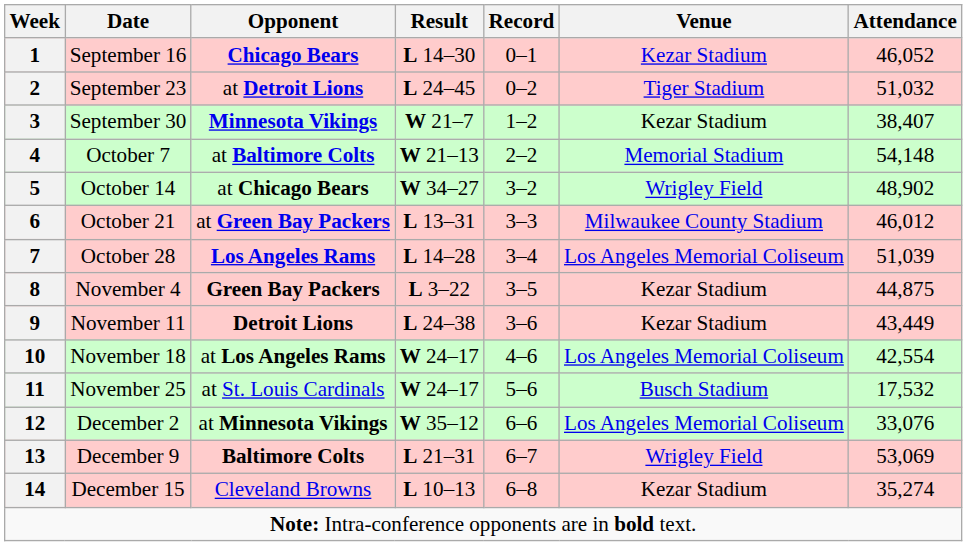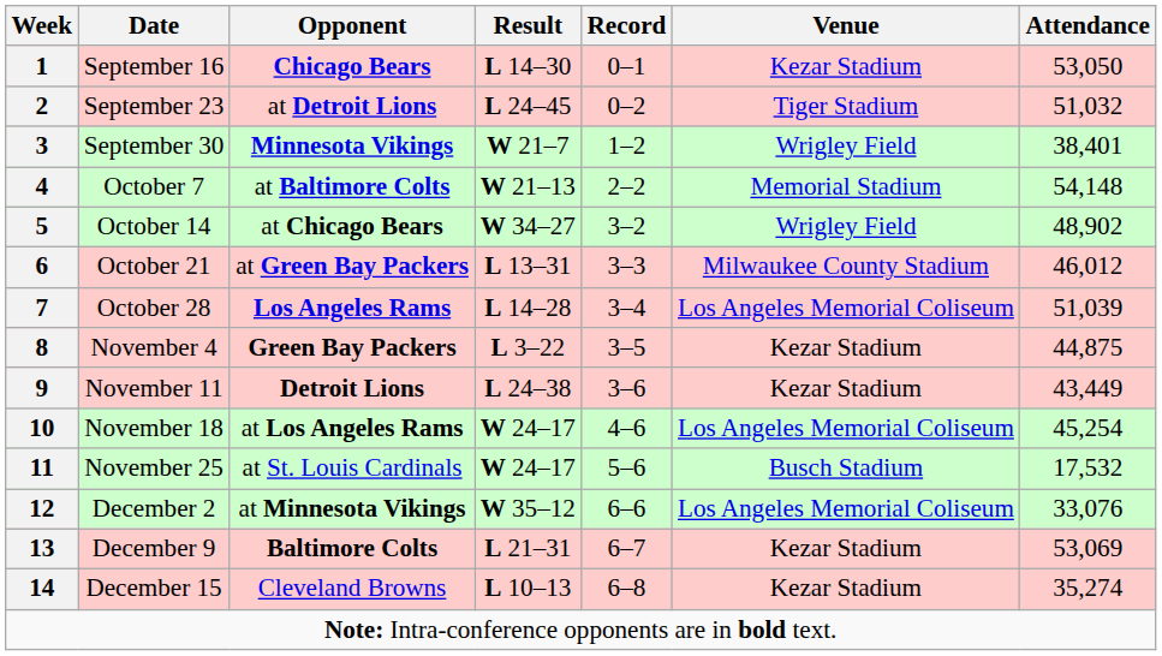 <table class="wikitable" style="text-align:center">
 <tr>
 <th>Week</th>
 <th>Date</th>
 <th>Opponent</th>
 <th>Result</th>
 <th>Record</th>
 <th>Venue</th>
 <th>Attendance</th>
 </tr>
 <tr style="background:#fcc">
 <th>1</th>
 <td>September 16</td>
 <td><strong><a href='#'>Chicago Bears</a></strong></td>
 <td><strong>L</strong> 14–30</td>
 <td>0–1</td>
 <td><a href='#'>Kezar Stadium</a></td>
-<td>46,052</td>
+<td>53,050</td>
 </tr>
 <tr style="background:#fcc">
 <th>2</th>
 <td>September 23</td>
 <td>at <strong><a href='#'>Detroit Lions</a></strong></td>
 <td><strong>L</strong> 24–45</td>
 <td>0–2</td>
 <td><a href='#'>Tiger Stadium</a></td>
 <td>51,032</td>
 </tr>
 <tr style="background:#cfc">
 <th>3</th>
 <td>September 30</td>
 <td><strong><a href='#'>Minnesota Vikings</a></strong></td>
 <td><strong>W</strong> 21–7</td>
 <td>1–2</td>
-<td>Kezar Stadium</td>
-<td>38,407</td>
+<td><a href='#'>Wrigley Field</a></td>
+<td>38,401</td>
 </tr>
 <tr style="background:#cfc">
 <th>4</th>
 <td>October 7</td>
 <td>at <strong><a href='#'>Baltimore Colts</a></strong></td>
 <td><strong>W</strong> 21–13</td>
 <td>2–2</td>
 <td><a href='#'>Memorial Stadium</a></td>
 <td>54,148</td>
 </tr>
 <tr style="background:#cfc">
 <th>5</th>
 <td>October 14</td>
 <td>at <strong>Chicago Bears</strong></td>
 <td><strong>W</strong> 34–27</td>
 <td>3–2</td>
 <td><a href='#'>Wrigley Field</a></td>
 <td>48,902</td>
 </tr>
 <tr style="background:#fcc">
 <th>6</th>
 <td>October 21</td>
 <td>at <strong><a href='#'>Green Bay Packers</a></strong></td>
 <td><strong>L</strong> 13–31</td>
 <td>3–3</td>
 <td><a href='#'>Milwaukee County Stadium</a></td>
 <td>46,012</td>
 </tr>
 <tr style="background:#fcc">
 <th>7</th>
 <td>October 28</td>
 <td><strong><a href='#'>Los Angeles Rams</a></strong></td>
 <td><strong>L</strong> 14–28</td>
 <td>3–4</td>
 <td><a href='#'>Los Angeles Memorial Coliseum</a></td>
 <td>51,039</td>
 </tr>
 <tr style="background:#fcc">
 <th>8</th>
 <td>November 4</td>
 <td><strong>Green Bay Packers</strong></td>
 <td><strong>L</strong> 3–22</td>
 <td>3–5</td>
 <td>Kezar Stadium</td>
 <td>44,875</td>
 </tr>
 <tr style="background:#fcc">
 <th>9</th>
 <td>November 11</td>
 <td><strong>Detroit Lions</strong></td>
 <td><strong>L</strong> 24–38</td>
 <td>3–6</td>
 <td>Kezar Stadium</td>
 <td>43,449</td>
 </tr>
 <tr style="background:#cfc">
 <th>10</th>
 <td>November 18</td>
 <td>at <strong>Los Angeles Rams</strong></td>
 <td><strong>W</strong> 24–17</td>
 <td>4–6</td>
 <td><a href='#'>Los Angeles Memorial Coliseum</a></td>
-<td>42,554</td>
+<td>45,254</td>
 </tr>
 <tr style="background:#cfc">
 <th>11</th>
 <td>November 25</td>
 <td>at <a href='#'>St. Louis Cardinals</a></td>
 <td><strong>W</strong> 24–17</td>
 <td>5–6</td>
 <td><a href='#'>Busch Stadium</a></td>
 <td>17,532</td>
 </tr>
 <tr style="background:#cfc">
 <th>12</th>
 <td>December 2</td>
 <td>at <strong>Minnesota Vikings</strong></td>
 <td><strong>W</strong> 35–12</td>
 <td>6–6</td>
 <td><a href='#'>Los Angeles Memorial Coliseum</a></td>
 <td>33,076</td>
 </tr>
 <tr style="background:#fcc">
 <th>13</th>
 <td>December 9</td>
 <td><strong>Baltimore Colts</strong></td>
 <td><strong>L</strong> 21–31</td>
 <td>6–7</td>
-<td><a href='#'>Wrigley Field</a></td>
+<td>Kezar Stadium</td>
 <td>53,069</td>
 </tr>
 <tr style="background:#fcc">
 <th>14</th>
 <td>December 15</td>
 <td><a href='#'>Cleveland Browns</a></td>
 <td><strong>L</strong> 10–13</td>
 <td>6–8</td>
 <td>Kezar Stadium</td>
 <td>35,274</td>
 </tr>
 <tr>
 <td colspan="8"><strong>Note:</strong> Intra-conference opponents are in <strong>bold</strong> text.</td>
 </tr>
 </table>
